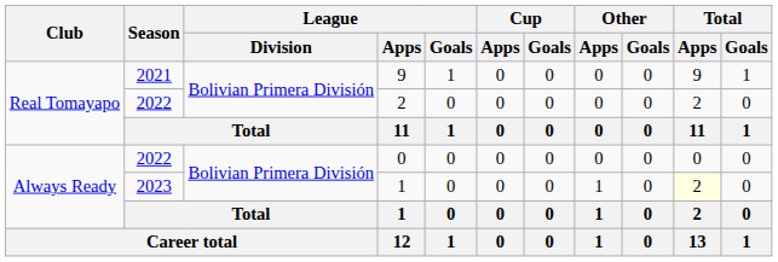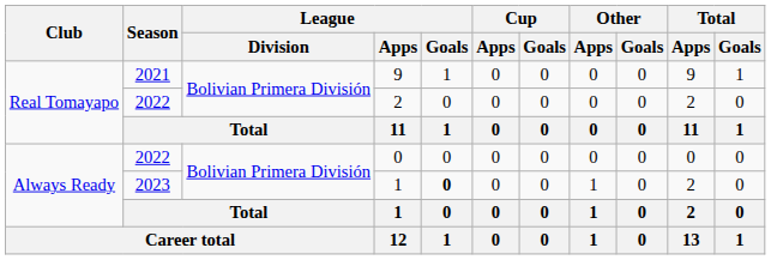 <table class="wikitable" style="text-align:center">
 <tr>
 <th rowspan="2">Club</th>
 <th rowspan="2">Season</th>
 <th colspan="3">League</th>
 <th colspan="2">Cup</th>
 <th colspan="2">Other</th>
 <th colspan="2">Total</th>
 </tr>
 <tr>
 <th>Division</th>
 <th>Apps</th>
 <th>Goals</th>
 <th>Apps</th>
 <th>Goals</th>
 <th>Apps</th>
 <th>Goals</th>
 <th>Apps</th>
 <th>Goals</th>
 </tr>
 <tr>
 <td rowspan=3><a href='#'>Real Tomayapo</a></td>
 <td><a href='#'>2021</a></td>
 <td rowspan=2><a href='#'>Bolivian Primera División</a></td>
 <td>9</td>
 <td>1</td>
 <td>0</td>
 <td>0</td>
 <td>0</td>
 <td>0</td>
 <td>9</td>
 <td>1</td>
 </tr>
 <tr>
 <td><a href='#'>2022</a></td>
 <td>2</td>
 <td>0</td>
 <td>0</td>
 <td>0</td>
 <td>0</td>
 <td>0</td>
 <td>2</td>
 <td>0</td>
 </tr>
 <tr>
 <th colspan=2><strong>Total</strong></th>
 <th>11</th>
 <th>1</th>
 <th>0</th>
 <th>0</th>
 <th>0</th>
 <th>0</th>
 <th>11</th>
 <th>1</th>
 </tr>
 <tr>
 <td rowspan=3><a href='#'>Always Ready</a></td>
 <td><a href='#'>2022</a></td>
 <td rowspan=2><a href='#'>Bolivian Primera División</a></td>
 <td>0</td>
 <td>0</td>
 <td>0</td>
 <td>0</td>
 <td>0</td>
 <td>0</td>
 <td>0</td>
 <td>0</td>
 </tr>
 <tr>
 <td><a href='#'>2023</a></td>
 <td>1</td>
-<td>0</td>
+<td><strong>0</strong></td>
 <td>0</td>
 <td>0</td>
 <td>1</td>
 <td>0</td>
-<td style="background: lightyellow;">2</td>
+<td>2</td>
 <td>0</td>
 </tr>
 <tr>
 <th colspan=2><strong>Total</strong></th>
 <th>1</th>
 <th>0</th>
 <th>0</th>
 <th>0</th>
 <th>1</th>
 <th>0</th>
 <th>2</th>
 <th>0</th>
 </tr>
 <tr>
 <th colspan=3><strong>Career total</strong></th>
 <th>12</th>
 <th>1</th>
 <th>0</th>
 <th>0</th>
 <th>1</th>
 <th>0</th>
 <th>13</th>
 <th>1</th>
 </tr>
 </table>
